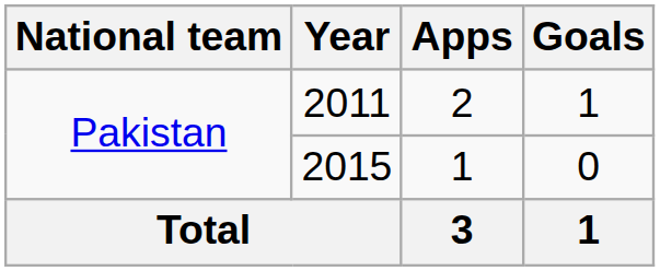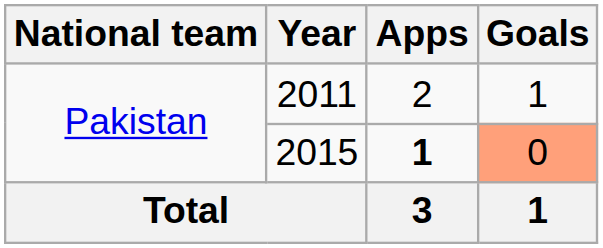 <table class="wikitable" style="text-align:center">
 <tr>
 <th>National team</th>
 <th>Year</th>
 <th>Apps</th>
 <th>Goals</th>
 </tr>
 <tr>
 <td rowspan="2"><a href='#'>Pakistan</a></td>
 <td>2011</td>
 <td>2</td>
 <td>1</td>
 </tr>
 <tr>
 <td>2015</td>
-<td>1</td>
-<td>0</td>
+<td><strong>1</strong></td>
+<td style="background: lightsalmon;">0</td>
 </tr>
 <tr>
 <th colspan="2">Total</th>
 <th>3</th>
 <th>1</th>
 </tr>
 </table>
